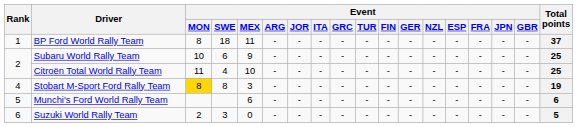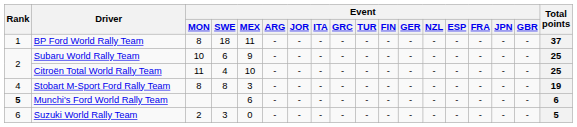 <table class="wikitable" style="text-align:center; font-size:90%;">
 <tr>
 <th rowspan=2>Rank</th>
 <th rowspan=2 style="width:16em">Driver</th>
 <th colspan=15>Event</th>
 <th rowspan=2>Total<br>points</th>
 </tr>
 <tr valign="top">
 <th><a href='#'>MON</a><br></th>
 <th><a href='#'>SWE</a><br></th>
 <th><a href='#'>MEX</a><br></th>
 <th><a href='#'>ARG</a><br></th>
 <th><a href='#'>JOR</a><br></th>
 <th><a href='#'>ITA</a><br></th>
 <th><a href='#'>GRC</a><br></th>
 <th><a href='#'>TUR</a><br></th>
 <th><a href='#'>FIN</a><br></th>
 <th><a href='#'>GER</a><br></th>
 <th><a href='#'>NZL</a><br></th>
 <th><a href='#'>ESP</a><br></th>
 <th><a href='#'>FRA</a><br></th>
 <th><a href='#'>JPN</a><br></th>
 <th><a href='#'>GBR</a><br></th>
 </tr>
 <tr>
 <td>1</td>
 <td align="left"> <a href='#'>BP Ford World Rally Team</a></td>
 <td>8</td>
 <td>18</td>
 <td>11</td>
 <td>-</td>
 <td>-</td>
 <td>-</td>
 <td>-</td>
 <td>-</td>
 <td>-</td>
 <td>-</td>
 <td>-</td>
 <td>-</td>
 <td>-</td>
 <td>-</td>
 <td>-</td>
 <th>37</th>
 </tr>
 <tr>
 <td rowspan="2">2</td>
 <td align="left"> <a href='#'>Subaru World Rally Team</a></td>
 <td>10</td>
 <td>6</td>
 <td>9</td>
 <td>-</td>
 <td>-</td>
 <td>-</td>
 <td>-</td>
 <td>-</td>
 <td>-</td>
 <td>-</td>
 <td>-</td>
 <td>-</td>
 <td>-</td>
 <td>-</td>
 <td>-</td>
 <th>25</th>
 </tr>
 <tr>
 <td align="left"> <a href='#'>Citroën Total World Rally Team</a></td>
 <td>11</td>
 <td>4</td>
 <td>10</td>
 <td>-</td>
 <td>-</td>
 <td>-</td>
 <td>-</td>
 <td>-</td>
 <td>-</td>
 <td>-</td>
 <td>-</td>
 <td>-</td>
 <td>-</td>
 <td>-</td>
 <td>-</td>
 <th>25</th>
 </tr>
 <tr>
 <td>4</td>
 <td align="left"> <a href='#'>Stobart M-Sport Ford Rally Team</a></td>
-<td style="background: gold;">8</td>
+<td>8</td>
 <td>8</td>
 <td>3</td>
 <td>-</td>
 <td>-</td>
 <td>-</td>
 <td>-</td>
 <td>-</td>
 <td>-</td>
 <td>-</td>
 <td>-</td>
 <td>-</td>
 <td>-</td>
 <td>-</td>
 <td>-</td>
 <th>19</th>
 </tr>
 <tr>
-<td>5</td>
+<td><strong>5</strong></td>
 <td align="left"> <a href='#'>Munchi's Ford World Rally Team</a></td>
 <td></td>
 <td></td>
 <td>6</td>
 <td>-</td>
 <td>-</td>
 <td>-</td>
 <td>-</td>
 <td>-</td>
 <td>-</td>
 <td>-</td>
 <td>-</td>
 <td>-</td>
 <td>-</td>
 <td>-</td>
 <td>-</td>
 <th>6</th>
 </tr>
 <tr>
 <td>6</td>
 <td align="left"> <a href='#'>Suzuki World Rally Team</a></td>
 <td>2</td>
 <td>3</td>
 <td>0</td>
 <td>-</td>
 <td>-</td>
 <td>-</td>
 <td>-</td>
 <td>-</td>
 <td>-</td>
 <td>-</td>
 <td>-</td>
 <td>-</td>
 <td>-</td>
 <td>-</td>
 <td>-</td>
 <th>5</th>
 </tr>
 </table>
